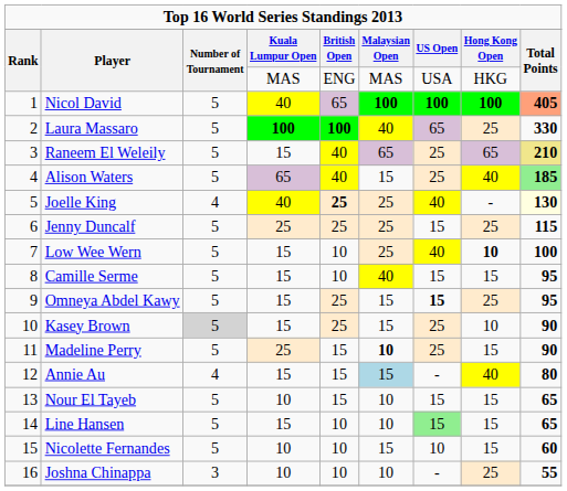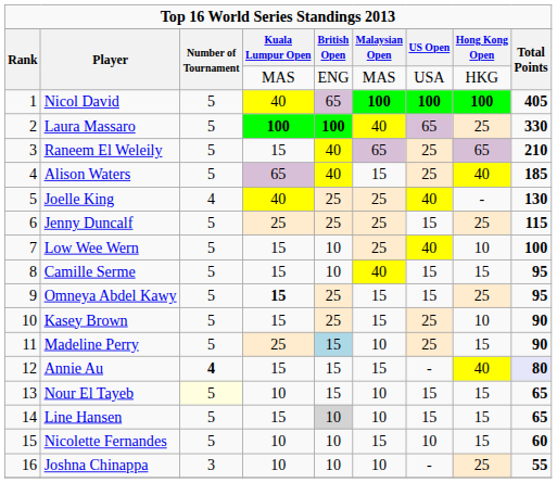 <table class="wikitable">
 <tr>
 <td colspan=11 align="center"><strong>Top 16 World Series Standings 2013</strong></td>
 </tr>
 <tr>
 </tr>
 <tr style="font-size:10pt;font-weight:bold">
 <th rowspan=2 align="center">Rank</th>
 <th rowspan=2 align="center">Player</th>
 <th rowspan=2 align="center"><small>Number of<br>Tournament</small></th>
 <th><small><a href='#'>Kuala<br>Lumpur Open</a></small></th>
 <th><small><a href='#'>British<br>Open</a></small></th>
 <th><small><a href='#'>Malaysian<br>Open</a></small></th>
 <th><small><a href='#'>US Open</a></small></th>
 <th><small><a href='#'>Hong Kong<br>Open</a></small></th>
 <th rowspan=2 align="center">Total<br>Points</th>
 </tr>
 <tr>
 <td align="center">MAS </td>
 <td align="center">ENG </td>
 <td align="center">MAS </td>
 <td align="center">USA </td>
 <td align="center">HKG </td>
 </tr>
 <tr>
 <td align=right>1</td>
 <td> <a href='#'>Nicol David</a></td>
 <td align=center>5</td>
 <td align=center style="background:yellow;">40</td>
 <td align=center style="background:#D8BFD8;">65</td>
 <td align=center style="background:#00ff00"><strong>100</strong></td>
 <td align=center style="background:#00ff00"><strong>100</strong></td>
 <td align=center style="background:#00ff00"><strong>100</strong></td>
-<td align=right style="background: lightsalmon;"><strong>405</strong></td>
+<td align=right><strong>405</strong></td>
 </tr>
 <tr>
 <td align=right>2</td>
 <td> <a href='#'>Laura Massaro</a></td>
 <td align=center>5</td>
 <td align=center style="background:#00ff00"><strong>100</strong></td>
 <td align=center style="background:#00ff00"><strong>100</strong></td>
 <td align=center style="background:yellow;">40</td>
 <td align=center style="background:#D8BFD8;">65</td>
 <td align=center style="background:#ffebcd;">25</td>
 <td align=right><strong>330</strong></td>
 </tr>
 <tr>
 <td align=right>3</td>
 <td> <a href='#'>Raneem El Weleily</a></td>
 <td align=center>5</td>
 <td align=center>15</td>
 <td align=center style="background:yellow;">40</td>
 <td align=center style="background:#D8BFD8;">65</td>
 <td align=center style="background:#ffebcd;">25</td>
 <td align=center style="background:#D8BFD8;">65</td>
-<td align=right style="background: khaki;"><strong>210</strong></td>
+<td align=right><strong>210</strong></td>
 </tr>
 <tr>
 <td align=right>4</td>
 <td> <a href='#'>Alison Waters</a></td>
 <td align=center>5</td>
 <td align=center style="background:#D8BFD8;">65</td>
 <td align=center style="background:yellow;">40</td>
 <td align=center>15</td>
 <td align=center style="background:#ffebcd;">25</td>
 <td align=center style="background:yellow;">40</td>
-<td align=right style="background: lightgreen;"><strong>185</strong></td>
+<td align=right><strong>185</strong></td>
 </tr>
 <tr>
 <td align=right>5</td>
 <td> <a href='#'>Joelle King</a></td>
 <td align=center>4</td>
 <td align=center style="background:yellow;">40</td>
-<td align=center style="background:#ffebcd;"><strong>25</strong></td>
+<td align=center style="background:#ffebcd;">25</td>
 <td align=center style="background:#ffebcd;">25</td>
 <td align=center style="background:yellow;">40</td>
 <td align=center>-</td>
-<td align=right style="background: lightyellow;"><strong>130</strong></td>
+<td align=right><strong>130</strong></td>
 </tr>
 <tr>
 <td align=right>6</td>
 <td> <a href='#'>Jenny Duncalf</a></td>
 <td align=center>5</td>
 <td align=center style="background:#ffebcd;">25</td>
 <td align=center style="background:#ffebcd;">25</td>
 <td align=center style="background:#ffebcd;">25</td>
 <td align=center>15</td>
 <td align=center style="background:#ffebcd;">25</td>
 <td align=right><strong>115</strong></td>
 </tr>
 <tr>
 <td align=right>7</td>
 <td> <a href='#'>Low Wee Wern</a></td>
 <td align=center>5</td>
 <td align=center>15</td>
 <td align=center>10</td>
 <td align=center style="background:#ffebcd;">25</td>
 <td align=center style="background:yellow;">40</td>
-<td align=center><strong>10</strong></td>
+<td align=center>10</td>
 <td align=right><strong>100</strong></td>
 </tr>
 <tr>
 <td align=right>8</td>
 <td> <a href='#'>Camille Serme</a></td>
 <td align=center>5</td>
 <td align=center>15</td>
 <td align=center>10</td>
 <td align=center style="background:yellow;">40</td>
 <td align=center>15</td>
 <td align=center>15</td>
 <td align=right><strong>95</strong></td>
 </tr>
 <tr>
 <td align=right>9</td>
 <td> <a href='#'>Omneya Abdel Kawy</a></td>
 <td align=center>5</td>
-<td align=center>15</td>
+<td align=center><strong>15</strong></td>
 <td align=center style="background:#ffebcd;">25</td>
 <td align=center>15</td>
-<td align=center><strong>15</strong></td>
+<td align=center>15</td>
 <td align=center style="background:#ffebcd;">25</td>
 <td align=right><strong>95</strong></td>
 </tr>
 <tr>
 <td align=right>10</td>
 <td> <a href='#'>Kasey Brown</a></td>
-<td align=center style="background: lightgrey;">5</td>
+<td align=center>5</td>
 <td align=center>15</td>
 <td align=center style="background:#ffebcd;">25</td>
 <td align=center>15</td>
 <td align=center style="background:#ffebcd;">25</td>
 <td align=center>10</td>
 <td align=right><strong>90</strong></td>
 </tr>
 <tr>
 <td align=right>11</td>
 <td> <a href='#'>Madeline Perry</a></td>
 <td align=center>5</td>
 <td align=center style="background:#ffebcd;">25</td>
-<td align=center>15</td>
-<td align=center><strong>10</strong></td>
+<td align=center style="background: lightblue;">15</td>
+<td align=center>10</td>
 <td align=center style="background:#ffebcd;">25</td>
 <td align=center>15</td>
 <td align=right><strong>90</strong></td>
 </tr>
 <tr>
 <td align=right>12</td>
 <td> <a href='#'>Annie Au</a></td>
-<td align=center>4</td>
+<td align=center><strong>4</strong></td>
 <td align=center>15</td>
 <td align=center>15</td>
-<td align=center style="background: lightblue;">15</td>
+<td align=center>15</td>
 <td align=center>-</td>
 <td align=center style="background:yellow;">40</td>
-<td align=right><strong>80</strong></td>
+<td align=right style="background: lavender;"><strong>80</strong></td>
 </tr>
 <tr>
 <td align=right>13</td>
 <td> <a href='#'>Nour El Tayeb</a></td>
-<td align=center>5</td>
+<td align=center style="background: lightyellow;">5</td>
 <td align=center>10</td>
 <td align=center>15</td>
 <td align=center>10</td>
 <td align=center>15</td>
 <td align=center>15</td>
 <td align=right><strong>65</strong></td>
 </tr>
 <tr>
 <td align=right>14</td>
 <td> <a href='#'>Line Hansen</a></td>
 <td align=center>5</td>
 <td align=center>15</td>
+<td align=center style="background: lightgrey;">10</td>
 <td align=center>10</td>
-<td align=center>10</td>
-<td align=center style="background: lightgreen;">15</td>
+<td align=center>15</td>
 <td align=center>15</td>
 <td align=right><strong>65</strong></td>
 </tr>
 <tr>
 <td align=right>15</td>
 <td> <a href='#'>Nicolette Fernandes</a></td>
 <td align=center>5</td>
 <td align=center>10</td>
 <td align=center>10</td>
 <td align=center>15</td>
 <td align=center>10</td>
 <td align=center>15</td>
 <td align=right><strong>60</strong></td>
 </tr>
 <tr>
 <td align=right>16</td>
 <td> <a href='#'>Joshna Chinappa</a></td>
 <td align=center>3</td>
 <td align=center>10</td>
 <td align=center>10</td>
 <td align=center>10</td>
 <td align=center>-</td>
 <td align=center style="background:#ffebcd;">25</td>
 <td align=right><strong>55</strong></td>
 </tr>
 <tr>
 </tr>
 </table>
